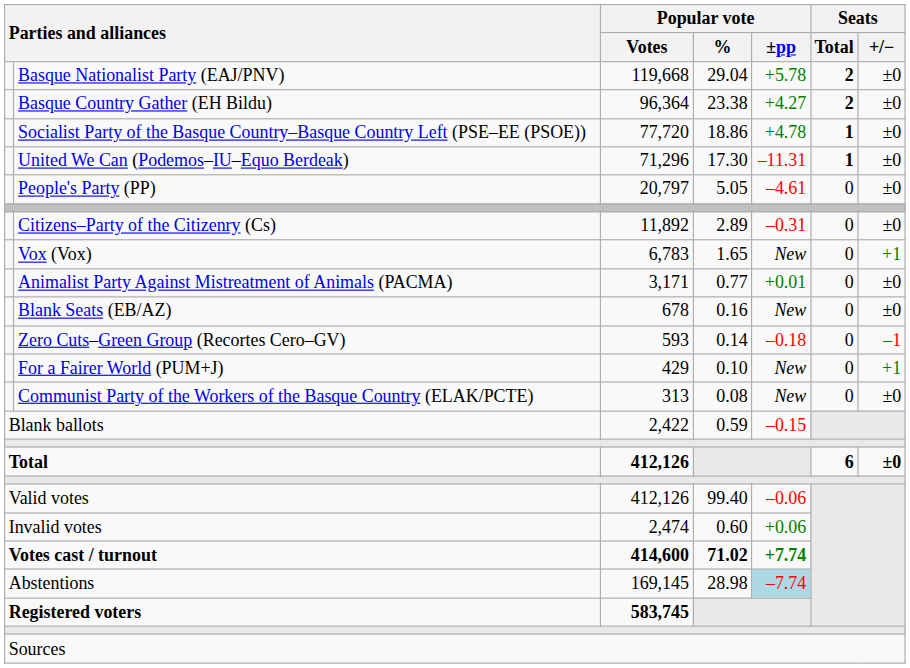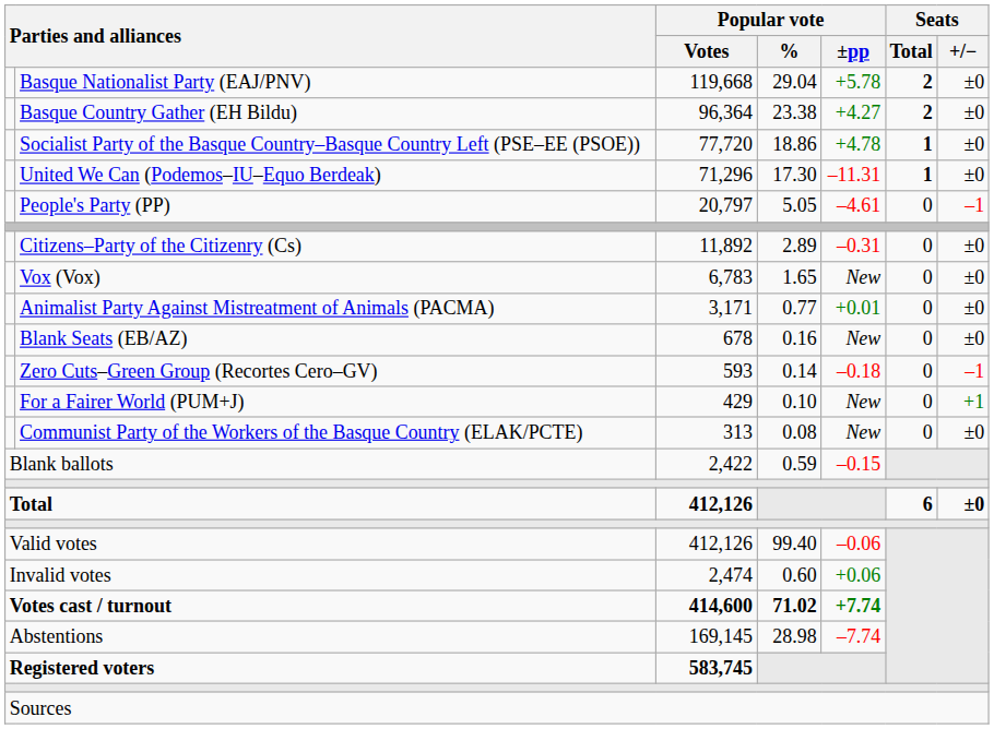 <table class="wikitable" style="text-align:right;">
 <tr>
 <th style="text-align:left;" rowspan="2" colspan="2" width="525">Parties and alliances</th>
 <th colspan="3">Popular vote</th>
 <th colspan="2">Seats</th>
 </tr>
 <tr>
 <th width="75">Votes</th>
 <th width="45">%</th>
 <th width="45">±<a href='#'>pp</a></th>
 <th width="35">Total</th>
 <th width="35">+/−</th>
 </tr>
 <tr>
 <td width="1" style="color:inherit;background:"></td>
 <td align="left"><a href='#'>Basque Nationalist Party</a> (EAJ/PNV)</td>
 <td>119,668</td>
 <td>29.04</td>
 <td style="color:green;">+5.78</td>
 <td><strong>2</strong></td>
 <td>±0</td>
 </tr>
 <tr>
 <td style="color:inherit;background:"></td>
 <td align="left"><a href='#'>Basque Country Gather</a> (EH Bildu)</td>
 <td>96,364</td>
 <td>23.38</td>
 <td style="color:green;">+4.27</td>
 <td><strong>2</strong></td>
 <td>±0</td>
 </tr>
 <tr>
 <td style="color:inherit;background:"></td>
 <td align="left"><a href='#'>Socialist Party of the Basque Country–Basque Country Left</a> (PSE–EE (PSOE))</td>
 <td>77,720</td>
 <td>18.86</td>
 <td style="color:green;">+4.78</td>
 <td><strong>1</strong></td>
 <td>±0</td>
 </tr>
 <tr>
 <td style="color:inherit;background:"></td>
 <td align="left"><a href='#'>United We Can</a> (<a href='#'>Podemos</a>–<a href='#'>IU</a>–<a href='#'>Equo Berdeak</a>)</td>
 <td>71,296</td>
 <td>17.30</td>
 <td style="color:red;">–11.31</td>
 <td><strong>1</strong></td>
 <td>±0</td>
 </tr>
 <tr>
 <td style="color:inherit;background:"></td>
 <td align="left"><a href='#'>People's Party</a> (PP)</td>
 <td>20,797</td>
 <td>5.05</td>
 <td style="color:red;">–4.61</td>
 <td>0</td>
-<td>±0</td>
+<td style="color:red;">–1</td>
 </tr>
 <tr>
 <td colspan="7" bgcolor="#C0C0C0"></td>
 </tr>
 <tr>
 <td style="color:inherit;background:"></td>
 <td align="left"><a href='#'>Citizens–Party of the Citizenry</a> (Cs)</td>
 <td>11,892</td>
 <td>2.89</td>
 <td style="color:red;">–0.31</td>
 <td>0</td>
 <td>±0</td>
 </tr>
 <tr>
 <td style="color:inherit;background:"></td>
 <td align="left"><a href='#'>Vox</a> (Vox)</td>
 <td>6,783</td>
 <td>1.65</td>
 <td><em>New</em></td>
 <td>0</td>
-<td style="color:green;">+1</td>
+<td>±0</td>
 </tr>
 <tr>
 <td style="color:inherit;background:"></td>
 <td align="left"><a href='#'>Animalist Party Against Mistreatment of Animals</a> (PACMA)</td>
 <td>3,171</td>
 <td>0.77</td>
 <td style="color:green;">+0.01</td>
 <td>0</td>
 <td>±0</td>
 </tr>
 <tr>
 <td style="color:inherit;background:"></td>
 <td align="left"><a href='#'>Blank Seats</a> (EB/AZ)</td>
 <td>678</td>
 <td>0.16</td>
 <td><em>New</em></td>
 <td>0</td>
 <td>±0</td>
 </tr>
 <tr>
 <td style="color:inherit;background:"></td>
 <td align="left"><a href='#'>Zero Cuts</a>–<a href='#'>Green Group</a> (Recortes Cero–GV)</td>
 <td>593</td>
 <td>0.14</td>
 <td style="color:red;">–0.18</td>
 <td>0</td>
 <td style="color:red;">–1</td>
 </tr>
 <tr>
 <td style="color:inherit;background:"></td>
 <td align="left"><a href='#'>For a Fairer World</a> (PUM+J)</td>
 <td>429</td>
 <td>0.10</td>
 <td><em>New</em></td>
 <td>0</td>
 <td style="color:green;">+1</td>
 </tr>
 <tr>
 <td style="color:inherit;background:"></td>
 <td align="left"><a href='#'>Communist Party of the Workers of the Basque Country</a> (ELAK/PCTE)</td>
 <td>313</td>
 <td>0.08</td>
 <td><em>New</em></td>
 <td>0</td>
 <td>±0</td>
 </tr>
 <tr>
 <td align="left" colspan="2">Blank ballots</td>
 <td>2,422</td>
 <td>0.59</td>
 <td style="color:red;">–0.15</td>
 <td bgcolor="#E9E9E9" colspan="2"></td>
 </tr>
 <tr>
 <td colspan="7" bgcolor="#E9E9E9"></td>
 </tr>
 <tr style="font-weight:bold;">
 <td align="left" colspan="2">Total</td>
 <td>412,126</td>
 <td bgcolor="#E9E9E9" colspan="2"></td>
 <td>6</td>
 <td>±0</td>
 </tr>
 <tr>
 <td colspan="7" bgcolor="#E9E9E9"></td>
 </tr>
 <tr>
 <td align="left" colspan="2">Valid votes</td>
 <td>412,126</td>
 <td>99.40</td>
 <td style="color:red;">–0.06</td>
 <td bgcolor="#E9E9E9" colspan="2" rowspan="5"></td>
 </tr>
 <tr>
 <td align="left" colspan="2">Invalid votes</td>
 <td>2,474</td>
 <td>0.60</td>
 <td style="color:green;">+0.06</td>
 </tr>
 <tr style="font-weight:bold;">
 <td align="left" colspan="2">Votes cast / turnout</td>
 <td>414,600</td>
 <td>71.02</td>
 <td style="color:green;">+7.74</td>
 </tr>
 <tr>
 <td align="left" colspan="2">Abstentions</td>
 <td>169,145</td>
 <td>28.98</td>
-<td style="background: lightblue; color:red;">–7.74</td>
+<td style="color:red;">–7.74</td>
 </tr>
 <tr style="font-weight:bold;">
 <td align="left" colspan="2">Registered voters</td>
 <td>583,745</td>
 <td bgcolor="#E9E9E9" colspan="2"></td>
 </tr>
 <tr>
 <td colspan="7" bgcolor="#E9E9E9"></td>
 </tr>
 <tr>
 <td align="left" colspan="7">Sources</td>
 </tr>
 </table>
